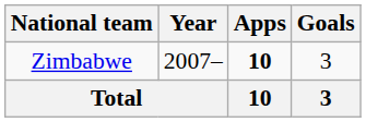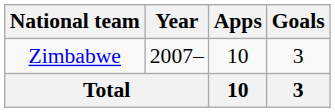 <table class="wikitable" style="text-align:center">
 <tr>
 <th>National team</th>
 <th>Year</th>
 <th>Apps</th>
 <th>Goals</th>
 </tr>
 <tr>
 <td rowspan="1"><a href='#'>Zimbabwe</a></td>
 <td>2007–</td>
-<td><strong>10</strong></td>
+<td>10</td>
 <td>3</td>
 </tr>
 <tr>
 <th colspan="2">Total</th>
 <th>10</th>
 <th>3</th>
 </tr>
 </table>
